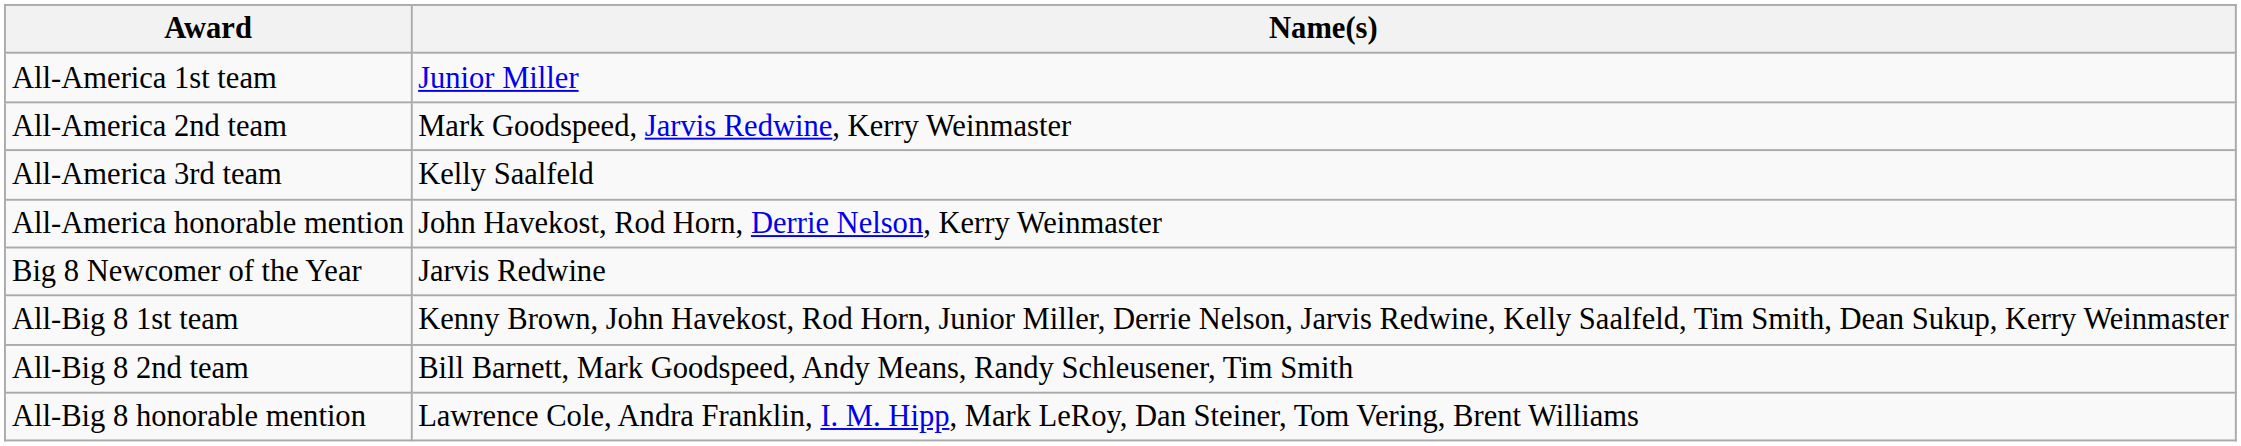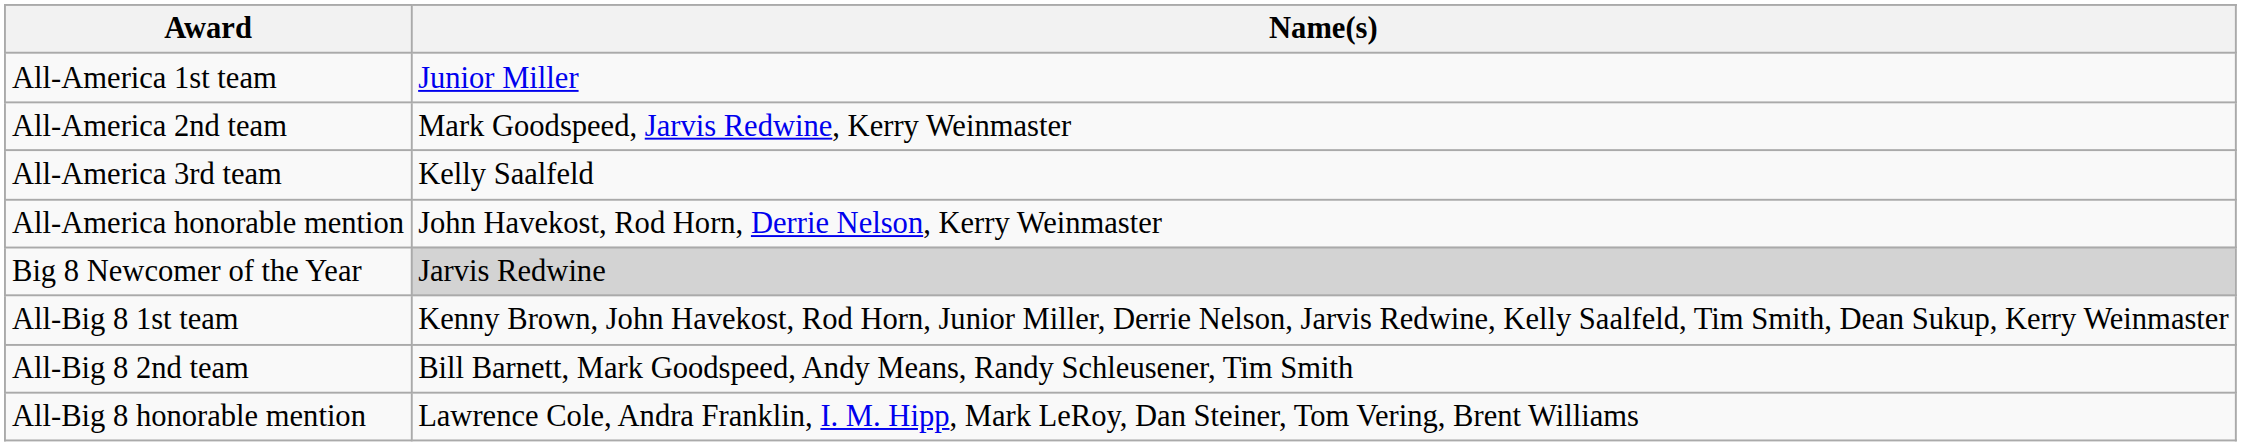 <table class="wikitable">
 <tr>
 <th>Award</th>
 <th>Name(s)</th>
 </tr>
 <tr>
 <td>All-America 1st team</td>
 <td><a href='#'>Junior Miller</a></td>
 </tr>
 <tr>
 <td>All-America 2nd team</td>
 <td>Mark Goodspeed, <a href='#'>Jarvis Redwine</a>, Kerry Weinmaster</td>
 </tr>
 <tr>
 <td>All-America 3rd team</td>
 <td>Kelly Saalfeld</td>
 </tr>
 <tr>
 <td>All-America honorable mention</td>
 <td>John Havekost, Rod Horn, <a href='#'>Derrie Nelson</a>, Kerry Weinmaster</td>
 </tr>
 <tr>
 <td>Big 8 Newcomer of the Year</td>
-<td>Jarvis Redwine</td>
+<td style="background: lightgrey;">Jarvis Redwine</td>
 </tr>
 <tr>
 <td>All-Big 8 1st team</td>
 <td>Kenny Brown, John Havekost, Rod Horn, Junior Miller, Derrie Nelson, Jarvis Redwine, Kelly Saalfeld, Tim Smith, Dean Sukup, Kerry Weinmaster</td>
 </tr>
 <tr>
 <td>All-Big 8 2nd team</td>
 <td>Bill Barnett, Mark Goodspeed, Andy Means, Randy Schleusener, Tim Smith</td>
 </tr>
 <tr>
 <td>All-Big 8 honorable mention</td>
 <td>Lawrence Cole, Andra Franklin, <a href='#'>I. M. Hipp</a>, Mark LeRoy, Dan Steiner, Tom Vering, Brent Williams</td>
 </tr>
 </table>
